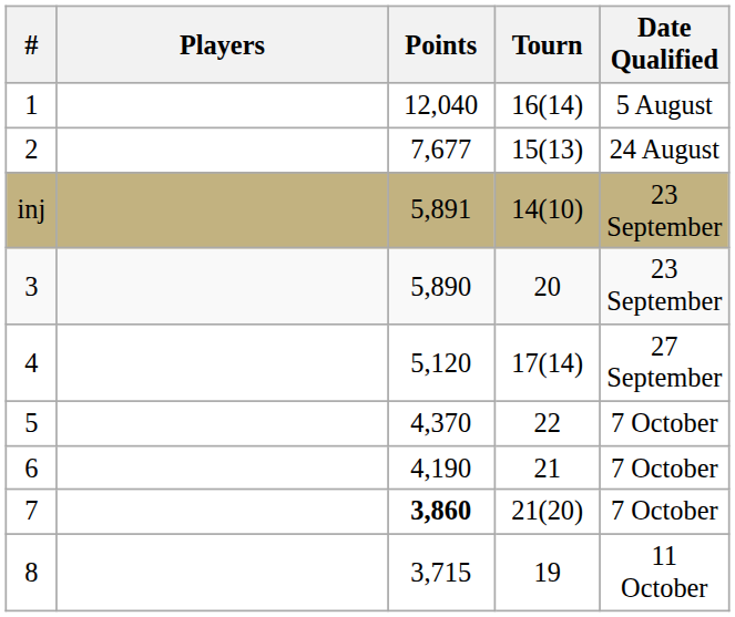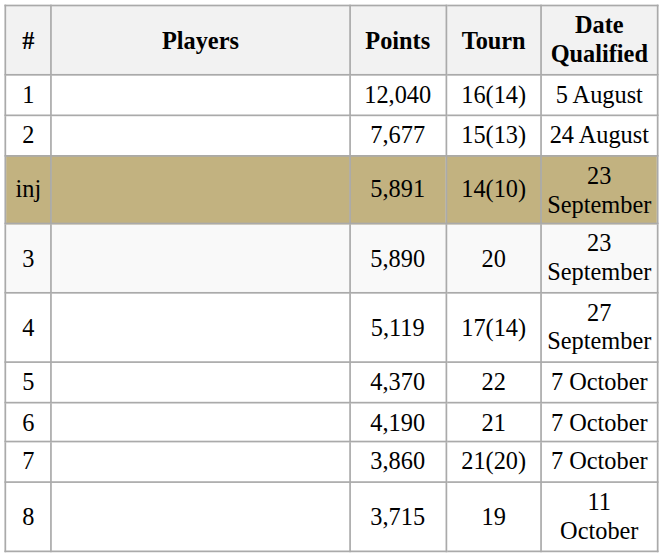 <table class="sortable wikitable" style="float:right;margin-left:1em;text-align:center;font-size:90%;text:justify;">
 <tr>
 <th width=20>#</th>
 <th width=170>Players</th>
 <th width=50>Points</th>
 <th width=50>Tourn</th>
 <th width=60>Date Qualified</th>
 </tr>
 <tr align=center bgcolor=white>
 <td>1</td>
 <td align=left></td>
 <td>12,040</td>
 <td>16(14)</td>
 <td>5 August</td>
 </tr>
 <tr align=center bgcolor=white>
 <td>2</td>
 <td align=left></td>
 <td>7,677</td>
 <td>15(13)</td>
 <td>24 August</td>
 </tr>
 <tr align=center bgcolor=#C2B280>
 <td>inj</td>
 <td align=left></td>
 <td>5,891</td>
 <td>14(10)</td>
 <td>23 September</td>
 </tr>
 <tr align=center bgcolor=>
 <td>3</td>
 <td align=left></td>
 <td>5,890</td>
 <td>20</td>
 <td>23 September</td>
 </tr>
 <tr align=center bgcolor=white>
 <td>4</td>
 <td align=left></td>
-<td>5,120</td>
+<td>5,119</td>
 <td>17(14)</td>
 <td>27 September</td>
 </tr>
 <tr align=center bgcolor=white>
 <td>5</td>
 <td align=left></td>
 <td>4,370</td>
 <td>22</td>
 <td>7 October</td>
 </tr>
 <tr align=center bgcolor=white>
 <td>6</td>
 <td align=left></td>
 <td>4,190</td>
 <td>21</td>
 <td>7 October</td>
 </tr>
 <tr align=center bgcolor=white>
 <td>7</td>
 <td align=left></td>
-<td><strong>3,860</strong></td>
+<td>3,860</td>
 <td>21(20)</td>
 <td>7 October</td>
 </tr>
 <tr align=center bgcolor=white>
 <td>8</td>
 <td align=left></td>
 <td>3,715</td>
 <td>19</td>
 <td>11 October</td>
 </tr>
 </table>
